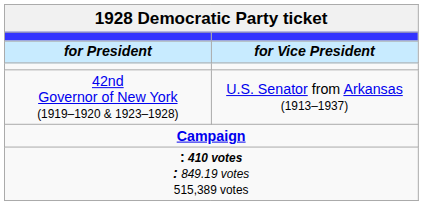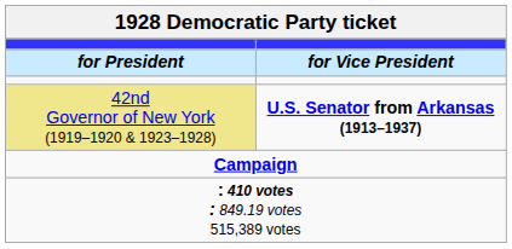 <table class="wikitable" style="font-size:90%; text-align:center;">
 <tr>
 <td style="background:#f1f1f1;" colspan="30"><big><strong>1928 Democratic Party ticket </strong></big></td>
 </tr>
 <tr>
 <th style="width:3em; font-size:135%; background:#3333FF; width:200px;"><a href='#'></a></th>
 <th style="width:3em; font-size:135%; background:#3333FF; width:200px;"><a href='#'></a></th>
 </tr>
 <tr>
 <td style="width:3em; font-size:100%; color:#000; background:#C8EBFF; width:200px;"><strong><em>for President</em></strong></td>
 <td style="width:3em; font-size:100%; color:#000; background:#C8EBFF; width:200px;"><strong><em>for Vice President</em></strong></td>
 </tr>
 <tr>
 <td></td>
 <td></td>
 </tr>
 <tr>
-<td><a href='#'>42nd</a><br><a href='#'>Governor of New York</a><br><small>(1919–1920 & 1923–1928)</small></td>
-<td><a href='#'>U.S. Senator</a> from <a href='#'>Arkansas</a><br><small>(1913–1937)</small></td>
+<td style="background: khaki;"><a href='#'>42nd</a><br><a href='#'>Governor of New York</a><br><small>(1919–1920 & 1923–1928)</small></td>
+<td><strong><a href='#'>U.S. Senator</a> from <a href='#'>Arkansas</a><br><small>(1913–1937)</small></strong></td>
 </tr>
 <tr>
 <td colspan=2><a href='#'><strong>Campaign</strong></a></td>
 </tr>
 <tr>
 <td colspan=2><strong>:<strong><em><small> 410 votes</small><em><br></strong>:</em></strong><small> 849.19 votes</small></em><br><small>515,389 votes</small></td>
 </tr>
 </table>
